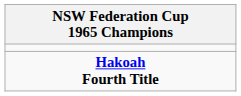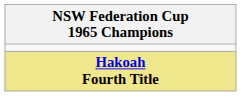 <table class="wikitable" style="text-align: center; margin: 0 auto; width: 20%">
 <tr>
 <th>NSW Federation Cup<br>1965 Champions</th>
 </tr>
 <tr>
 <td></td>
 </tr>
 <tr>
-<td><strong><a href='#'>Hakoah</a></strong><br><strong>Fourth Title</strong></td>
+<td style="background: khaki;"><strong><a href='#'>Hakoah</a></strong><br><strong>Fourth Title</strong></td>
 </tr>
 </table>
